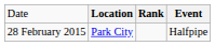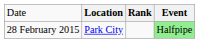 <table class="wikitable sortable" style="font-size:90%" style="text-align:center">
 <tr>
 <td>Date</td>
 <th>Location</th>
 <th>Rank</th>
 <th>Event</th>
 </tr>
 <tr>
 <td>28 February 2015</td>
 <td><a href='#'>Park City</a></td>
 <td></td>
-<td>Halfpipe</td>
+<td style="background: lightgreen;">Halfpipe</td>
 </tr>
 </table>
